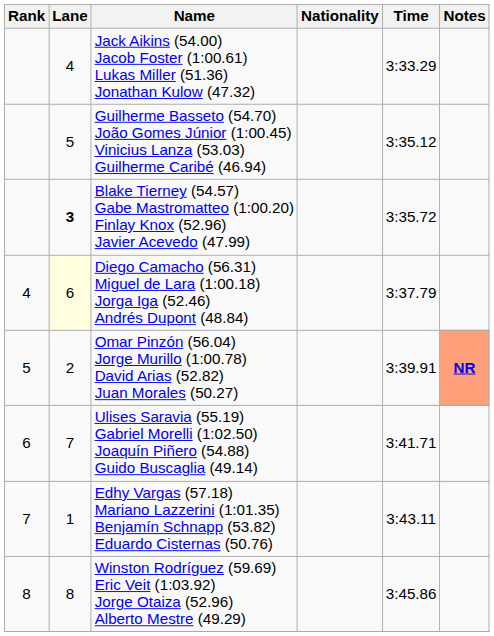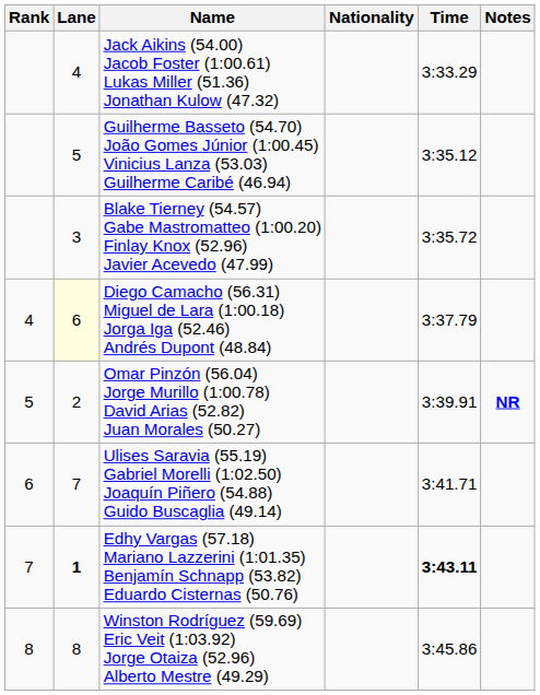 <table class="wikitable sortable" style="text-align:center">
 <tr>
 <th>Rank</th>
 <th>Lane</th>
 <th>Name</th>
 <th>Nationality</th>
 <th>Time</th>
 <th>Notes</th>
 </tr>
 <tr>
 <td></td>
 <td>4</td>
 <td align="left"><a href='#'>Jack Aikins</a> (54.00)<br><a href='#'>Jacob Foster</a> (1:00.61)<br><a href='#'>Lukas Miller</a> (51.36)<br><a href='#'>Jonathan Kulow</a> (47.32)</td>
 <td align="left"></td>
 <td>3:33.29</td>
 <td></td>
 </tr>
 <tr>
 <td></td>
 <td>5</td>
 <td align="left"><a href='#'>Guilherme Basseto</a> (54.70)<br><a href='#'>João Gomes Júnior</a> (1:00.45)<br><a href='#'>Vinicius Lanza</a> (53.03)<br><a href='#'>Guilherme Caribé</a> (46.94)</td>
 <td align="left"></td>
 <td>3:35.12</td>
 <td></td>
 </tr>
 <tr>
 <td></td>
-<td><strong>3</strong></td>
+<td>3</td>
 <td align="left"><a href='#'>Blake Tierney</a> (54.57)<br><a href='#'>Gabe Mastromatteo</a> (1:00.20)<br><a href='#'>Finlay Knox</a> (52.96)<br><a href='#'>Javier Acevedo</a> (47.99)</td>
 <td align="left"></td>
 <td>3:35.72</td>
 <td></td>
 </tr>
 <tr>
 <td>4</td>
 <td style="background: lightyellow;">6</td>
 <td align="left"><a href='#'>Diego Camacho</a> (56.31)<br><a href='#'>Miguel de Lara</a> (1:00.18)<br><a href='#'>Jorga Iga</a> (52.46)<br><a href='#'>Andrés Dupont</a> (48.84)</td>
 <td align="left"></td>
 <td>3:37.79</td>
 <td></td>
 </tr>
 <tr>
 <td>5</td>
 <td>2</td>
 <td align="left"><a href='#'>Omar Pinzón</a> (56.04)<br><a href='#'>Jorge Murillo</a> (1:00.78)<br><a href='#'>David Arias</a> (52.82)<br><a href='#'>Juan Morales</a> (50.27)</td>
 <td align="left"></td>
 <td>3:39.91</td>
-<td style="background: lightsalmon;"><strong><a href='#'>NR</a></strong></td>
+<td><strong><a href='#'>NR</a></strong></td>
 </tr>
 <tr>
 <td>6</td>
 <td>7</td>
 <td align="left"><a href='#'>Ulises Saravia</a> (55.19)<br><a href='#'>Gabriel Morelli</a> (1:02.50)<br><a href='#'>Joaquín Piñero</a> (54.88)<br><a href='#'>Guido Buscaglia</a> (49.14)</td>
 <td align="left"></td>
 <td>3:41.71</td>
 <td></td>
 </tr>
 <tr>
 <td>7</td>
-<td>1</td>
+<td><strong>1</strong></td>
 <td align="left"><a href='#'>Edhy Vargas</a> (57.18)<br><a href='#'>Mariano Lazzerini</a> (1:01.35)<br><a href='#'>Benjamín Schnapp</a> (53.82)<br><a href='#'>Eduardo Cisternas</a> (50.76)</td>
 <td align="left"></td>
-<td>3:43.11</td>
+<td><strong>3:43.11</strong></td>
 <td></td>
 </tr>
 <tr>
 <td>8</td>
 <td>8</td>
 <td align="left"><a href='#'>Winston Rodríguez</a> (59.69)<br><a href='#'>Eric Veit</a> (1:03.92)<br><a href='#'>Jorge Otaiza</a> (52.96)<br><a href='#'>Alberto Mestre</a> (49.29)</td>
 <td align="left"></td>
 <td>3:45.86</td>
 <td></td>
 </tr>
 <tr>
 </tr>
 </table>
